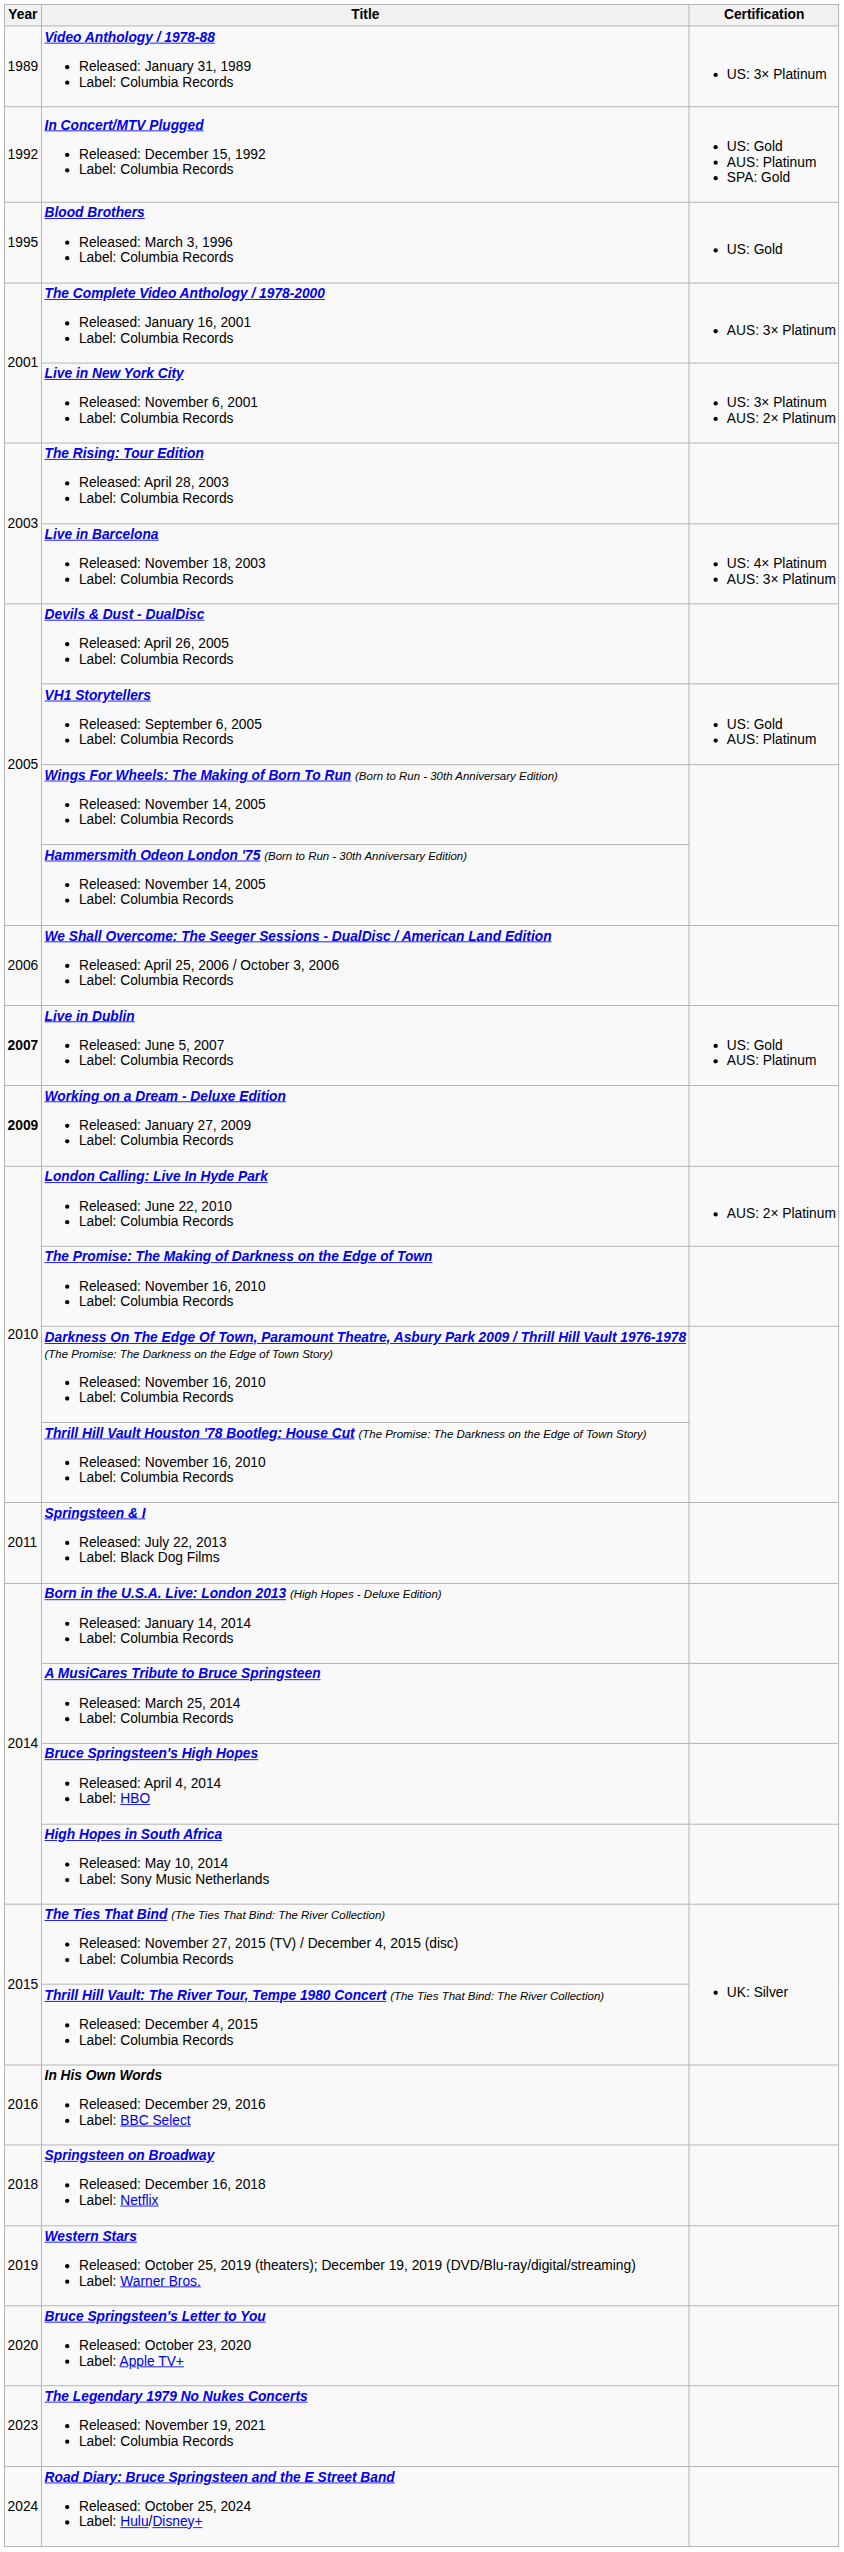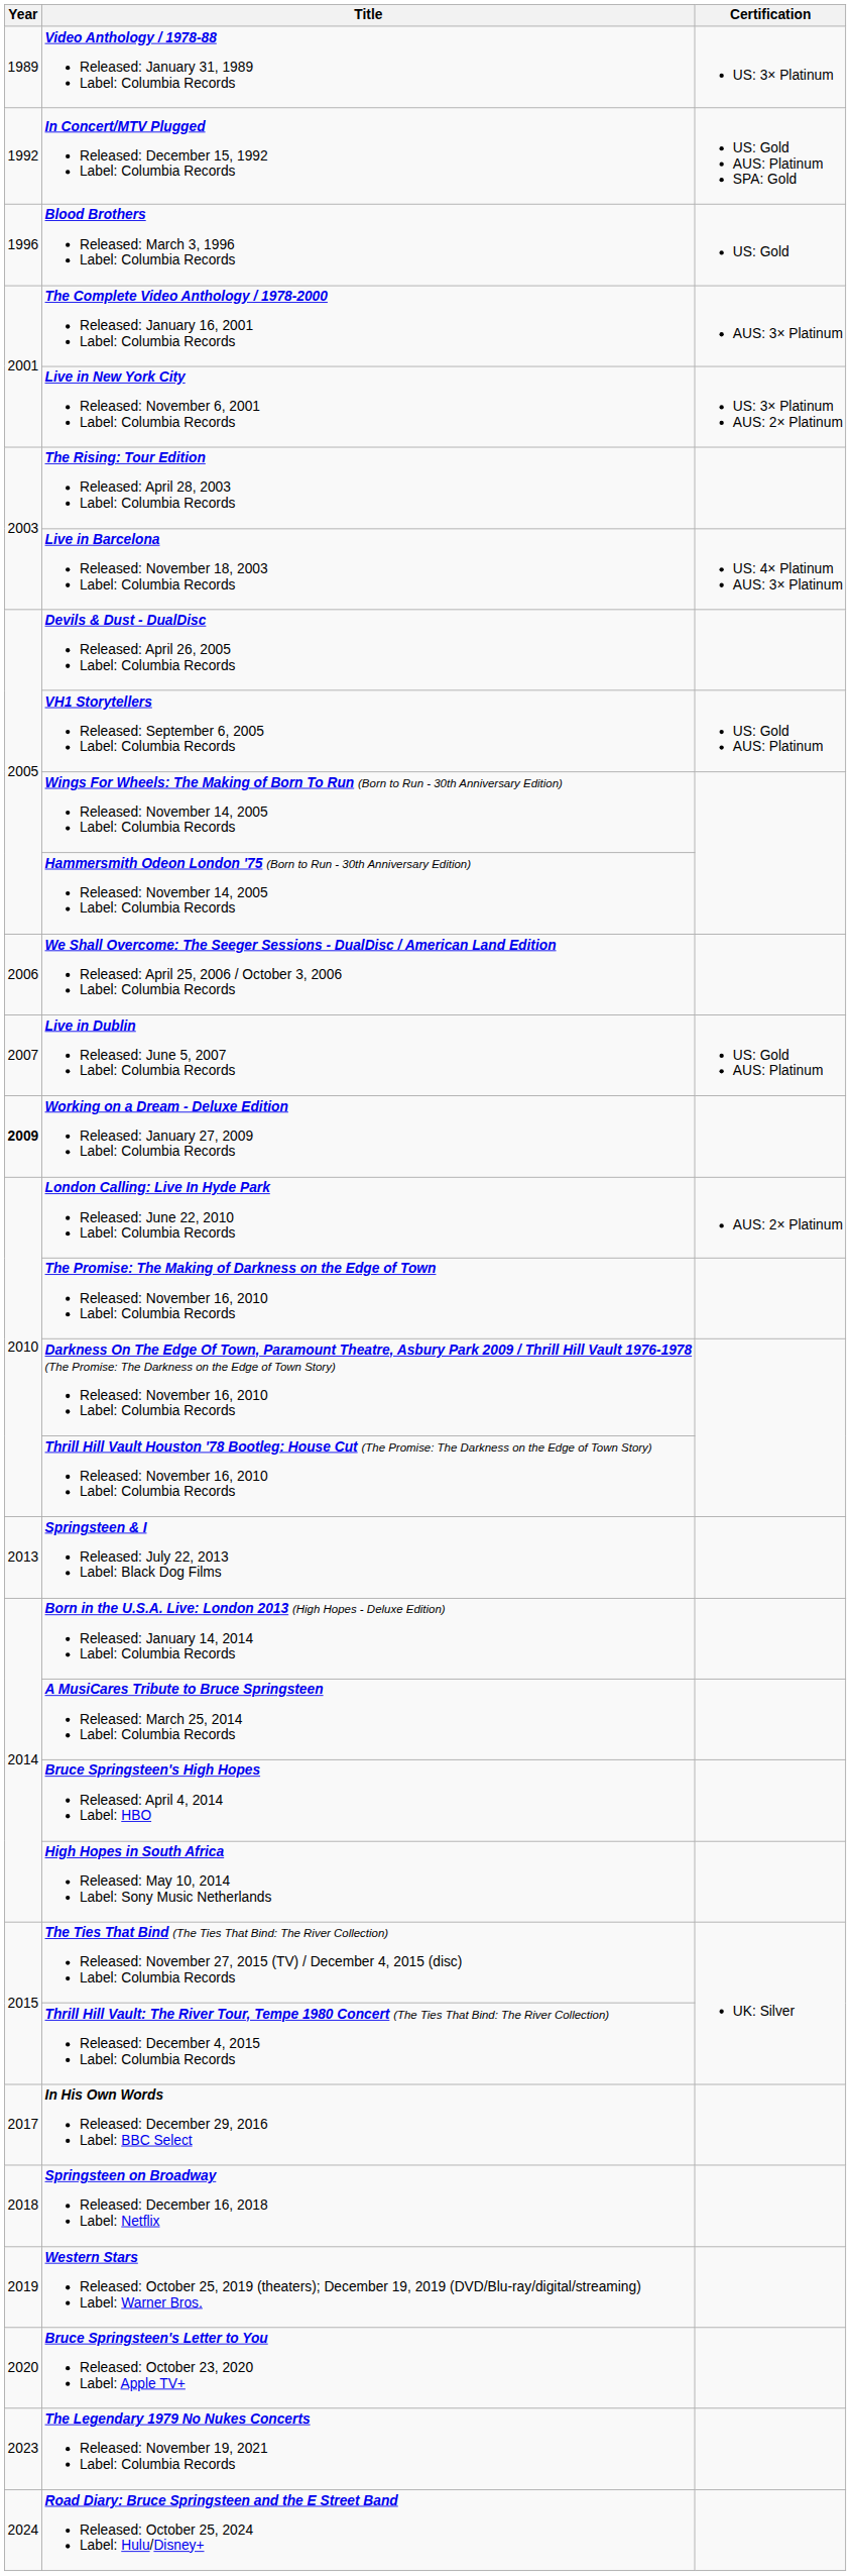 <table class="wikitable">
 <tr>
 <th>Year</th>
 <th>Title</th>
 <th>Certification</th>
 </tr>
 <tr>
 <td>1989</td>
 <td><strong><em><a href='#'>Video Anthology / 1978-88</a></em></strong><br><ul><li>Released: January 31, 1989</li><li>Label: Columbia Records</li></ul></td>
 <td><br><ul><li>US: 3× Platinum</li></ul></td>
 </tr>
 <tr>
 <td>1992</td>
 <td><strong><em><a href='#'>In Concert/MTV Plugged</a></em></strong><br><ul><li>Released: December 15, 1992</li><li>Label: Columbia Records</li></ul></td>
 <td><br><ul><li>US: Gold</li><li>AUS: Platinum</li><li>SPA: Gold</li></ul></td>
 </tr>
 <tr>
-<td>1995</td>
+<td>1996</td>
 <td><strong><em><a href='#'>Blood Brothers</a></em></strong><br><ul><li>Released: March 3, 1996</li><li>Label: Columbia Records</li></ul></td>
 <td><br><ul><li>US: Gold</li></ul></td>
 </tr>
 <tr>
 <td rowspan="2">2001</td>
 <td><strong><em><a href='#'>The Complete Video Anthology / 1978-2000</a></em></strong><br><ul><li>Released: January 16, 2001</li><li>Label: Columbia Records</li></ul></td>
 <td><br><ul><li>AUS: 3× Platinum</li></ul></td>
 </tr>
 <tr>
 <td><strong><em><a href='#'>Live in New York City</a></em></strong><br><ul><li>Released: November 6, 2001</li><li>Label: Columbia Records</li></ul></td>
 <td><br><ul><li>US: 3× Platinum</li><li>AUS: 2× Platinum</li></ul></td>
 </tr>
 <tr>
 <td rowspan="2">2003</td>
 <td><strong><em><a href='#'>The Rising: Tour Edition</a></em></strong><br><ul><li>Released: April 28, 2003</li><li>Label: Columbia Records</li></ul></td>
 <td></td>
 </tr>
 <tr>
 <td><strong><em><a href='#'>Live in Barcelona</a></em></strong><br><ul><li>Released: November 18, 2003</li><li>Label: Columbia Records</li></ul></td>
 <td><br><ul><li>US: 4× Platinum</li><li>AUS: 3× Platinum</li></ul></td>
 </tr>
 <tr>
 <td rowspan="4">2005</td>
 <td><strong><em><a href='#'>Devils & Dust - DualDisc</a></em></strong><br><ul><li>Released: April 26, 2005</li><li>Label: Columbia Records</li></ul></td>
 <td></td>
 </tr>
 <tr>
 <td><strong><em><a href='#'>VH1 Storytellers</a></em></strong><br><ul><li>Released: September 6, 2005</li><li>Label: Columbia Records</li></ul></td>
 <td><br><ul><li>US: Gold</li><li>AUS: Platinum</li></ul></td>
 </tr>
 <tr>
 <td><strong><em><a href='#'>Wings For Wheels: The Making of Born To Run</a></em></strong> <small><em>(Born to Run - 30th Anniversary Edition)</em></small><br><ul><li>Released: November 14, 2005</li><li>Label: Columbia Records</li></ul></td>
 <td rowspan="2"></td>
 </tr>
 <tr>
 <td><strong><em><a href='#'>Hammersmith Odeon London '75</a></em></strong> <small><em>(Born to Run - 30th Anniversary Edition)</em></small><br><ul><li>Released: November 14, 2005</li><li>Label: Columbia Records</li></ul></td>
 </tr>
 <tr>
 <td>2006</td>
 <td><strong><em><a href='#'>We Shall Overcome: The Seeger Sessions - DualDisc / American Land Edition</a></em></strong><br><ul><li>Released: April 25, 2006 / October 3, 2006</li><li>Label: Columbia Records</li></ul></td>
 <td></td>
 </tr>
 <tr>
-<td><strong>2007</strong></td>
+<td>2007</td>
 <td><strong><em><a href='#'>Live in Dublin</a></em></strong><br><ul><li>Released: June 5, 2007</li><li>Label: Columbia Records</li></ul></td>
 <td><br><ul><li>US: Gold</li><li>AUS: Platinum</li></ul></td>
 </tr>
 <tr>
 <td><strong>2009</strong></td>
 <td><strong><em><a href='#'>Working on a Dream - Deluxe Edition</a></em></strong><br><ul><li>Released: January 27, 2009</li><li>Label: Columbia Records</li></ul></td>
 <td></td>
 </tr>
 <tr>
 <td rowspan="4">2010</td>
 <td><strong><em><a href='#'>London Calling: Live In Hyde Park</a></em></strong><br><ul><li>Released: June 22, 2010</li><li>Label: Columbia Records</li></ul></td>
 <td><br><ul><li>AUS: 2× Platinum</li></ul></td>
 </tr>
 <tr>
 <td><strong><em><a href='#'>The Promise: The Making of Darkness on the Edge of Town</a></em></strong><br><ul><li>Released: November 16, 2010</li><li>Label: Columbia Records</li></ul></td>
 <td></td>
 </tr>
 <tr>
 <td><strong><em><a href='#'>Darkness On The Edge Of Town, Paramount Theatre, Asbury Park 2009 / Thrill Hill Vault 1976-1978</a></em></strong> <br><small><em>(The Promise: The Darkness on the Edge of Town Story)</em></small><br><ul><li>Released: November 16, 2010</li><li>Label: Columbia Records</li></ul></td>
 <td rowspan="2"></td>
 </tr>
 <tr>
 <td><strong><em><a href='#'>Thrill Hill Vault Houston '78 Bootleg: House Cut</a></em></strong> <small><em>(The Promise: The Darkness on the Edge of Town Story)</em></small><br><ul><li>Released: November 16, 2010</li><li>Label: Columbia Records</li></ul></td>
 </tr>
 <tr>
-<td>2011</td>
+<td>2013</td>
 <td><strong><em><a href='#'>Springsteen & I</a></em></strong><br><ul><li>Released: July 22, 2013</li><li>Label: Black Dog Films</li></ul></td>
 <td></td>
 </tr>
 <tr>
 <td rowspan="4">2014</td>
 <td><strong><em><a href='#'>Born in the U.S.A. Live: London 2013</a></em></strong> <small><em>(High Hopes - Deluxe Edition)</em></small><br><ul><li>Released: January 14, 2014</li><li>Label: Columbia Records</li></ul></td>
 <td></td>
 </tr>
 <tr>
 <td><strong><em><a href='#'>A MusiCares Tribute to Bruce Springsteen</a></em></strong><br><ul><li>Released: March 25, 2014</li><li>Label: Columbia Records</li></ul></td>
 <td></td>
 </tr>
 <tr>
 <td><strong><em><a href='#'>Bruce Springsteen's High Hopes</a></em></strong><br><ul><li>Released: April 4, 2014</li><li>Label: <a href='#'>HBO</a></li></ul></td>
 <td></td>
 </tr>
 <tr>
 <td><strong><em><a href='#'>High Hopes in South Africa</a></em></strong><br><ul><li>Released: May 10, 2014</li><li>Label: Sony Music Netherlands</li></ul></td>
 <td></td>
 </tr>
 <tr>
 <td rowspan="2">2015</td>
 <td><strong><em><a href='#'>The Ties That Bind</a></em></strong> <small><em>(The Ties That Bind: The River Collection)</em></small><br><ul><li>Released: November 27, 2015 (TV) / December 4, 2015 (disc)</li><li>Label: Columbia Records</li></ul></td>
 <td rowspan="2"><br><ul><li>UK: Silver</li></ul></td>
 </tr>
 <tr>
 <td><strong><em><a href='#'>Thrill Hill Vault: The River Tour, Tempe 1980 Concert</a></em></strong> <small><em>(The Ties That Bind: The River Collection)</em></small><br><ul><li>Released: December 4, 2015</li><li>Label: Columbia Records</li></ul></td>
 </tr>
 <tr>
-<td>2016</td>
+<td>2017</td>
 <td><strong><em>In His Own Words</em></strong><br><ul><li>Released: December 29, 2016</li><li>Label: <a href='#'>BBC Select</a></li></ul></td>
 <td></td>
 </tr>
 <tr>
 <td>2018</td>
 <td><strong><em><a href='#'>Springsteen on Broadway</a></em></strong><br><ul><li>Released: December 16, 2018</li><li>Label: <a href='#'>Netflix</a></li></ul></td>
 <td></td>
 </tr>
 <tr>
 <td>2019</td>
 <td><strong><em><a href='#'>Western Stars</a></em></strong><br><ul><li>Released: October 25, 2019 (theaters); December 19, 2019 (DVD/Blu-ray/digital/streaming)</li><li>Label: <a href='#'>Warner Bros.</a></li></ul></td>
 <td></td>
 </tr>
 <tr>
 <td>2020</td>
 <td><strong><em><a href='#'>Bruce Springsteen's Letter to You</a></em></strong><br><ul><li>Released: October 23, 2020</li><li>Label: <a href='#'>Apple TV+</a></li></ul></td>
 <td></td>
 </tr>
 <tr>
 <td>2023</td>
 <td><strong><em><a href='#'>The Legendary 1979 No Nukes Concerts</a></em></strong><br><ul><li>Released: November 19, 2021</li><li>Label: Columbia Records</li></ul></td>
 <td></td>
 </tr>
 <tr>
 <td>2024</td>
 <td><strong><em><a href='#'>Road Diary: Bruce Springsteen and the E Street Band</a></em></strong><br><ul><li>Released: October 25, 2024</li><li>Label: <a href='#'>Hulu</a>/<a href='#'>Disney+</a></li></ul></td>
 <td></td>
 </tr>
 </table>
